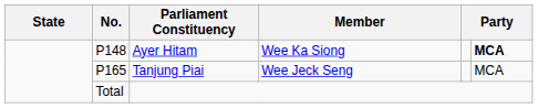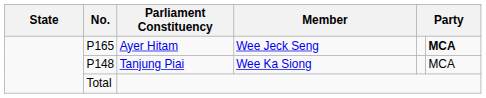 <table class="wikitable">
 <tr>
 <th style="width:100px;">State</th>
 <th style="width:30px;">No.</th>
 <th style="width:150px;">Parliament Constituency</th>
 <th style="width:240px;">Member</th>
 <th style="width:80px;" colspan=2>Party</th>
 </tr>
 <tr>
 <td rowspan="9"></td>
-<td>P148</td>
+<td>P165</td>
 <td><a href='#'>Ayer Hitam</a></td>
-<td><a href='#'>Wee Ka Siong</a></td>
+<td><a href='#'>Wee Jeck Seng</a></td>
 <td></td>
 <td><strong>MCA</strong></td>
 </tr>
 <tr>
-<td>P165</td>
+<td>P148</td>
 <td><a href='#'>Tanjung Piai</a></td>
-<td><a href='#'>Wee Jeck Seng</a></td>
+<td><a href='#'>Wee Ka Siong</a></td>
 <td></td>
 <td>MCA</td>
 </tr>
 <tr>
 <td>Total</td>
 <td colspan="6" style="width:30px;"></td>
 </tr>
 </table>
